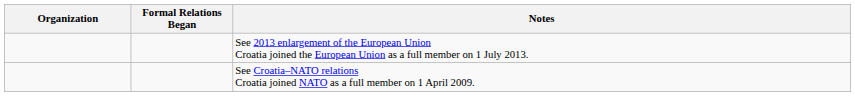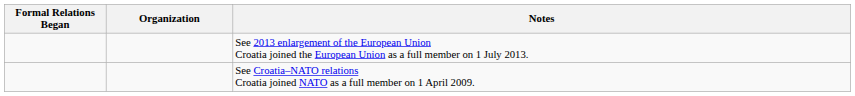 <table class="wikitable sortable" border="1" style="width:100%; margin:auto;">
 <tr>
+<th width="12%">Formal Relations Began</th>
 <th width="15%">Organization</th>
-<th width="12%">Formal Relations Began</th>
 <th>Notes</th>
 </tr>
 <tr -valign="top">
 <td></td>
 <td></td>
 <td>See <a href='#'>2013 enlargement of the European Union</a><br>Croatia joined the <a href='#'>European Union</a> as a full member on 1 July 2013.</td>
 </tr>
 <tr -valign="top">
 <td></td>
 <td></td>
 <td>See <a href='#'>Croatia–NATO relations</a><br>Croatia joined <a href='#'>NATO</a> as a full member on 1 April 2009.</td>
 </tr>
 </table>
